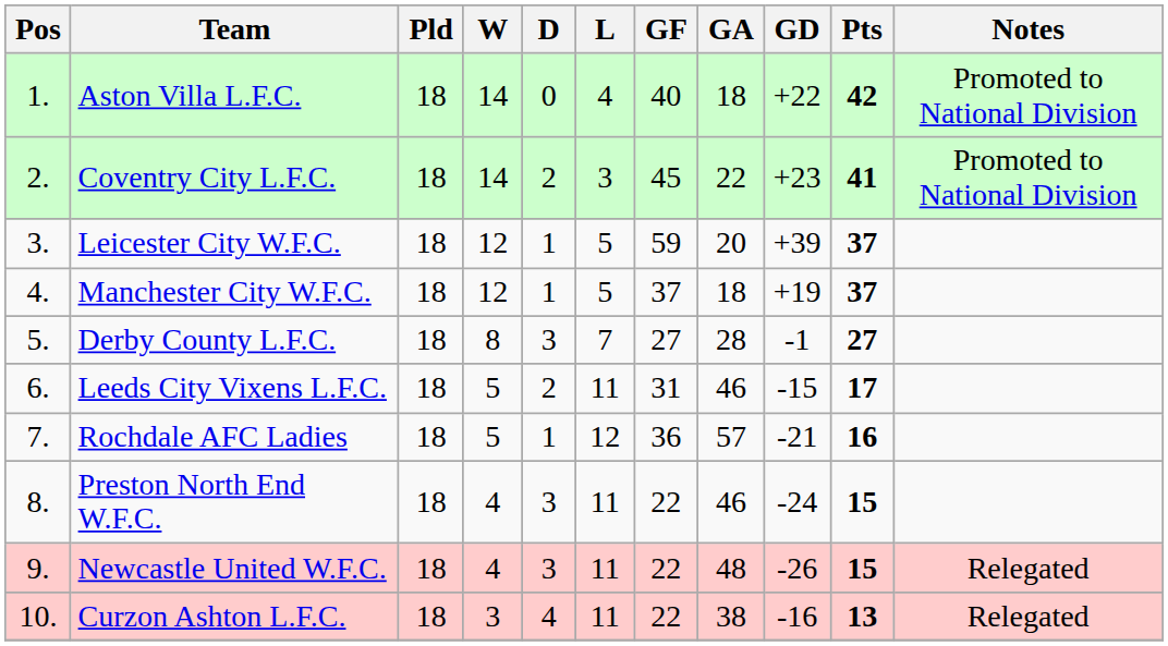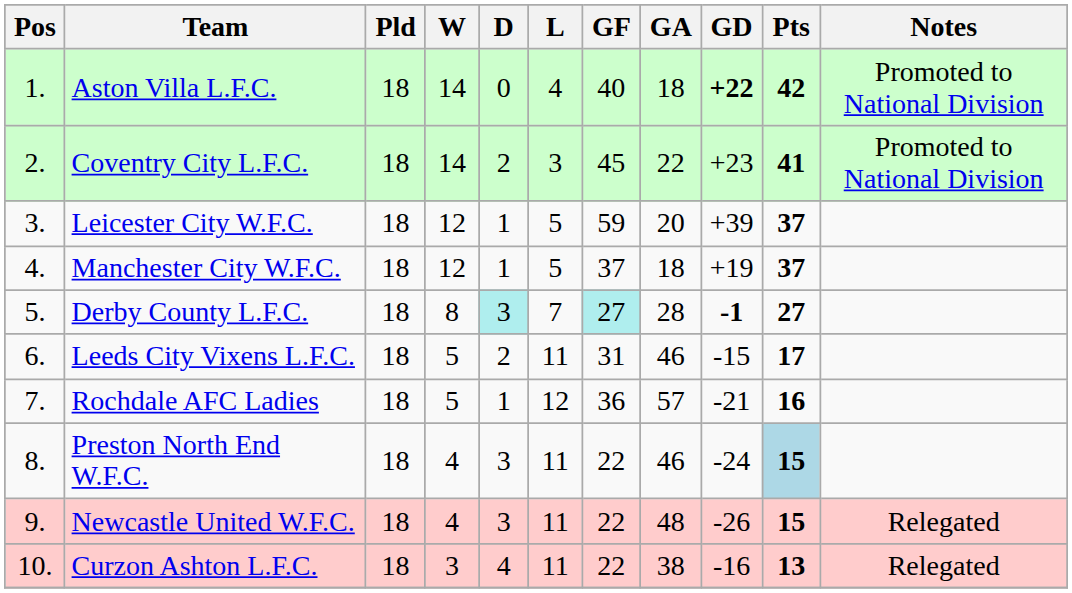 <table class="wikitable" style="text-align:center;">
 <tr>
 <th width=30 abbr="Position">Pos</th>
 <th width=250>Team</th>
 <th width=30 abbr="Played">Pld</th>
 <th width=30 abbr="Won">W</th>
 <th width=30 abbr="Drawn">D</th>
 <th width=30 abbr="Lost">L</th>
 <th width=30 abbr="Goals for">GF</th>
 <th width=30 abbr="Goals against">GA</th>
 <th width=30 abbr="Goal difference">GD</th>
 <th width=30 abbr="Points">Pts</th>
 <th width=200>Notes</th>
 </tr>
 <tr bgcolor="#ccffcc">
 <td>1.</td>
 <td align="left"><a href='#'>Aston Villa L.F.C.</a></td>
 <td>18</td>
 <td>14</td>
 <td>0</td>
 <td>4</td>
 <td>40</td>
 <td>18</td>
-<td>+22</td>
+<td><strong>+22</strong></td>
 <td><strong>42</strong></td>
 <td>Promoted to <a href='#'>National Division</a></td>
 </tr>
 <tr bgcolor="#ccffcc">
 <td>2.</td>
 <td align="left"><a href='#'>Coventry City L.F.C.</a></td>
 <td>18</td>
 <td>14</td>
 <td>2</td>
 <td>3</td>
 <td>45</td>
 <td>22</td>
 <td>+23</td>
 <td><strong>41</strong></td>
 <td>Promoted to <a href='#'>National Division</a></td>
 </tr>
 <tr>
 <td>3.</td>
 <td align="left"><a href='#'>Leicester City W.F.C.</a></td>
 <td>18</td>
 <td>12</td>
 <td>1</td>
 <td>5</td>
 <td>59</td>
 <td>20</td>
 <td>+39</td>
 <td><strong>37</strong></td>
 <td></td>
 </tr>
 <tr>
 <td>4.</td>
 <td align="left"><a href='#'>Manchester City W.F.C.</a></td>
 <td>18</td>
 <td>12</td>
 <td>1</td>
 <td>5</td>
 <td>37</td>
 <td>18</td>
 <td>+19</td>
 <td><strong>37</strong></td>
 <td></td>
 </tr>
 <tr>
 <td>5.</td>
 <td align="left"><a href='#'>Derby County L.F.C.</a></td>
 <td>18</td>
 <td>8</td>
-<td>3</td>
+<td style="background: paleturquoise;">3</td>
 <td>7</td>
-<td>27</td>
+<td style="background: paleturquoise;">27</td>
 <td>28</td>
-<td>-1</td>
+<td><strong>-1</strong></td>
 <td><strong>27</strong></td>
 <td></td>
 </tr>
 <tr>
 <td>6.</td>
 <td align="left"><a href='#'>Leeds City Vixens L.F.C.</a></td>
 <td>18</td>
 <td>5</td>
 <td>2</td>
 <td>11</td>
 <td>31</td>
 <td>46</td>
 <td>-15</td>
 <td><strong>17</strong></td>
 <td></td>
 </tr>
 <tr>
 <td>7.</td>
 <td align="left"><a href='#'>Rochdale AFC Ladies</a></td>
 <td>18</td>
 <td>5</td>
 <td>1</td>
 <td>12</td>
 <td>36</td>
 <td>57</td>
 <td>-21</td>
 <td><strong>16</strong></td>
 <td></td>
 </tr>
 <tr>
 <td>8.</td>
 <td align="left"><a href='#'>Preston North End W.F.C.</a></td>
 <td>18</td>
 <td>4</td>
 <td>3</td>
 <td>11</td>
 <td>22</td>
 <td>46</td>
 <td>-24</td>
-<td><strong>15</strong></td>
+<td style="background: lightblue;"><strong>15</strong></td>
 <td></td>
 </tr>
 <tr bgcolor="FFCCCC">
 <td>9.</td>
 <td align="left"><a href='#'>Newcastle United W.F.C.</a></td>
 <td>18</td>
 <td>4</td>
 <td>3</td>
 <td>11</td>
 <td>22</td>
 <td>48</td>
 <td>-26</td>
 <td><strong>15</strong></td>
 <td>Relegated</td>
 </tr>
 <tr bgcolor="FFCCCC">
 <td>10.</td>
 <td align="left"><a href='#'>Curzon Ashton L.F.C.</a></td>
 <td>18</td>
 <td>3</td>
 <td>4</td>
 <td>11</td>
 <td>22</td>
 <td>38</td>
 <td>-16</td>
 <td><strong>13</strong></td>
 <td>Relegated</td>
 </tr>
 <tr>
 </tr>
 </table>
